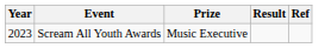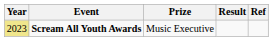 <table class ="wikitable">
 <tr>
 <th>Year</th>
 <th>Event</th>
 <th>Prize</th>
 <th>Result</th>
 <th>Ref</th>
 </tr>
 <tr>
-<td>2023</td>
-<td>Scream All Youth Awards</td>
+<td style="background: khaki;">2023</td>
+<td><strong>Scream All Youth Awards</strong></td>
 <td>Music Executive</td>
 <td></td>
 <td></td>
 </tr>
 </table>
